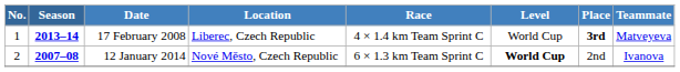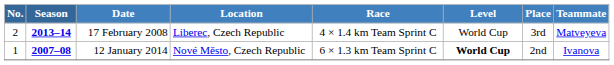 <table class="wikitable sortable" style="font-size:95%; text-align:center; border:grey solid 1px; border-collapse:collapse; background:#ffffff;">
 <tr style="background:#efefef;">
 <th style="background-color:#369; color:white;">No.</th>
 <th style="background-color:#369; color:white;">Season</th>
 <th style="background-color:#4180be; color:white; width:120px;">Date</th>
 <th style="background-color:#4180be; color:white; width:185px;">Location</th>
 <th style="background-color:#4180be; color:white; width:170px;">Race</th>
 <th style="background-color:#4180be; color:white; width:100px;">Level</th>
 <th style="background-color:#4180be; color:white;">Place</th>
 <th style="background-color:#4180be; color:white;">Teammate</th>
 </tr>
 <tr>
-<td align=center>1</td>
+<td align=center>2</td>
 <td rowspan=1 align=center><strong> <a href='#'>2013–14</a> </strong></td>
 <td align=right>17 February 2008</td>
 <td align=left> <a href='#'>Liberec</a>, Czech Republic</td>
 <td>4 × 1.4 km Team Sprint C</td>
 <td>World Cup</td>
-<td><strong>3rd</strong></td>
+<td>3rd</td>
 <td><a href='#'>Matveyeva</a></td>
 </tr>
 <tr>
-<td align=center>2</td>
+<td align=center>1</td>
 <td rowspan=1 align=center><strong> <a href='#'>2007–08</a> </strong></td>
 <td align=right>12 January 2014</td>
 <td align=left> <a href='#'>Nové Město</a>, Czech Republic</td>
 <td>6 × 1.3 km Team Sprint C</td>
 <td><strong>World Cup</strong></td>
 <td>2nd</td>
 <td><a href='#'>Ivanova</a></td>
 </tr>
 <tr>
 </tr>
 </table>
